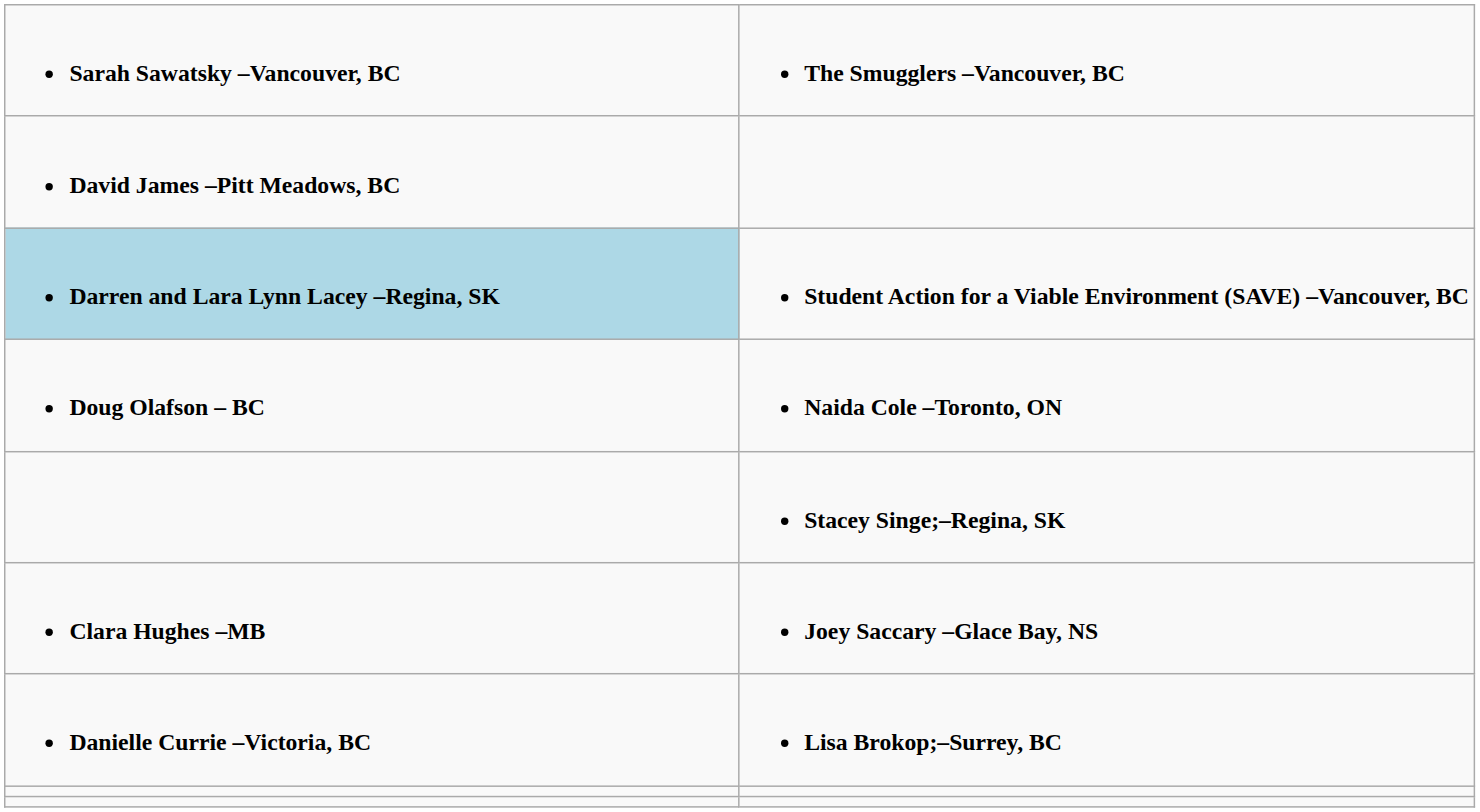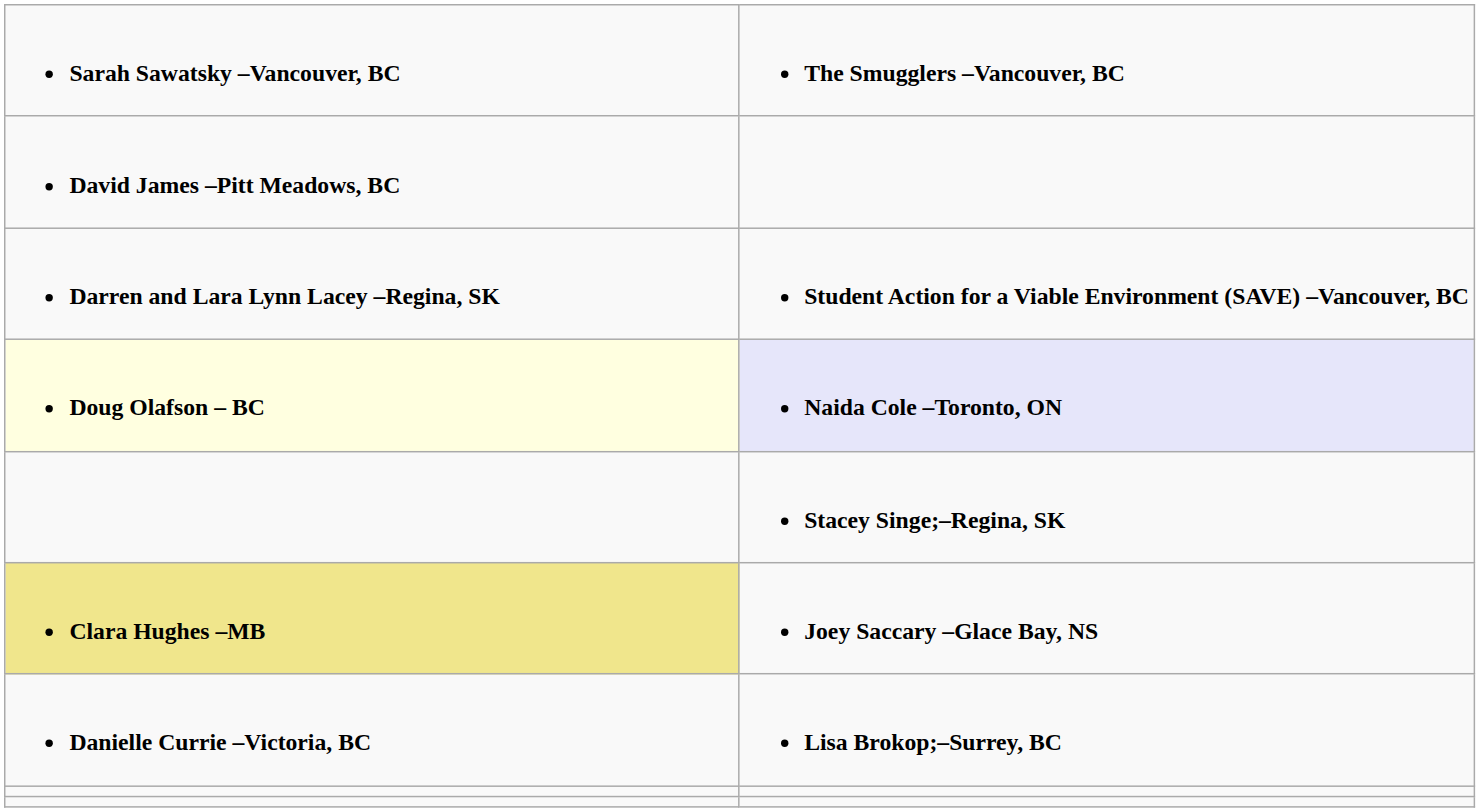 <table class="wikitable" role="presentation">
 <tr>
 <td style="vertical-align:top; width:50%;"><br><ul><li><strong>Sarah Sawatsky –Vancouver, BC</strong></li></ul></td>
 <td style="vertical-align:top; width:50%;"><br><ul><li><strong>The Smugglers –Vancouver, BC</strong></li></ul></td>
 </tr>
 <tr>
 <td style="vertical-align:top; width:50%;"><br><ul><li><strong>David James –Pitt Meadows, BC</strong></li></ul></td>
 <td style="vertical-align:top; width:50%;"></td>
 </tr>
 <tr>
-<td style="background: lightblue; vertical-align:top; width:50%;"><br><ul><li><strong>Darren and Lara Lynn Lacey –Regina, SK</strong></li></ul></td>
+<td style="vertical-align:top; width:50%;"><br><ul><li><strong>Darren and Lara Lynn Lacey –Regina, SK</strong></li></ul></td>
 <td style="vertical-align:top; width:50%;"><br><ul><li><strong>Student Action for a Viable Environment (SAVE) –Vancouver, BC</strong></li></ul></td>
 </tr>
 <tr>
-<td style="vertical-align:top; width:50%;"><br><ul><li><strong>Doug Olafson – BC</strong></li></ul></td>
-<td style="vertical-align:top; width:50%;"><br><ul><li><strong>Naida Cole –Toronto, ON</strong></li></ul></td>
+<td style="background: lightyellow; vertical-align:top; width:50%;"><br><ul><li><strong>Doug Olafson – BC</strong></li></ul></td>
+<td style="background: lavender; vertical-align:top; width:50%;"><br><ul><li><strong>Naida Cole –Toronto, ON</strong></li></ul></td>
 </tr>
 <tr>
 <td style="vertical-align:top; width:50%;"></td>
 <td style="vertical-align:top; width:50%;"><br><ul><li><strong>Stacey Singe;–Regina, SK</strong></li></ul></td>
 </tr>
 <tr>
-<td style="vertical-align:top; width:50%;"><br><ul><li><strong>Clara Hughes –MB</strong></li></ul></td>
+<td style="background: khaki; vertical-align:top; width:50%;"><br><ul><li><strong>Clara Hughes –MB</strong></li></ul></td>
 <td style="vertical-align:top; width:50%;"><br><ul><li><strong>Joey Saccary –Glace Bay, NS</strong></li></ul></td>
 </tr>
 <tr>
 <td style="vertical-align:top; width:50%;"><br><ul><li><strong>Danielle Currie –Victoria, BC</strong></li></ul></td>
 <td style="vertical-align:top; width:50%;"><br><ul><li><strong>Lisa Brokop;–Surrey, BC</strong></li></ul></td>
 </tr>
 <tr>
 <td style="vertical-align:top; width:50%;"></td>
 <td style="vertical-align:top; width:50%;"></td>
 </tr>
 <tr>
 <td style="vertical-align:top; width:50%;"></td>
 </tr>
 </table>
